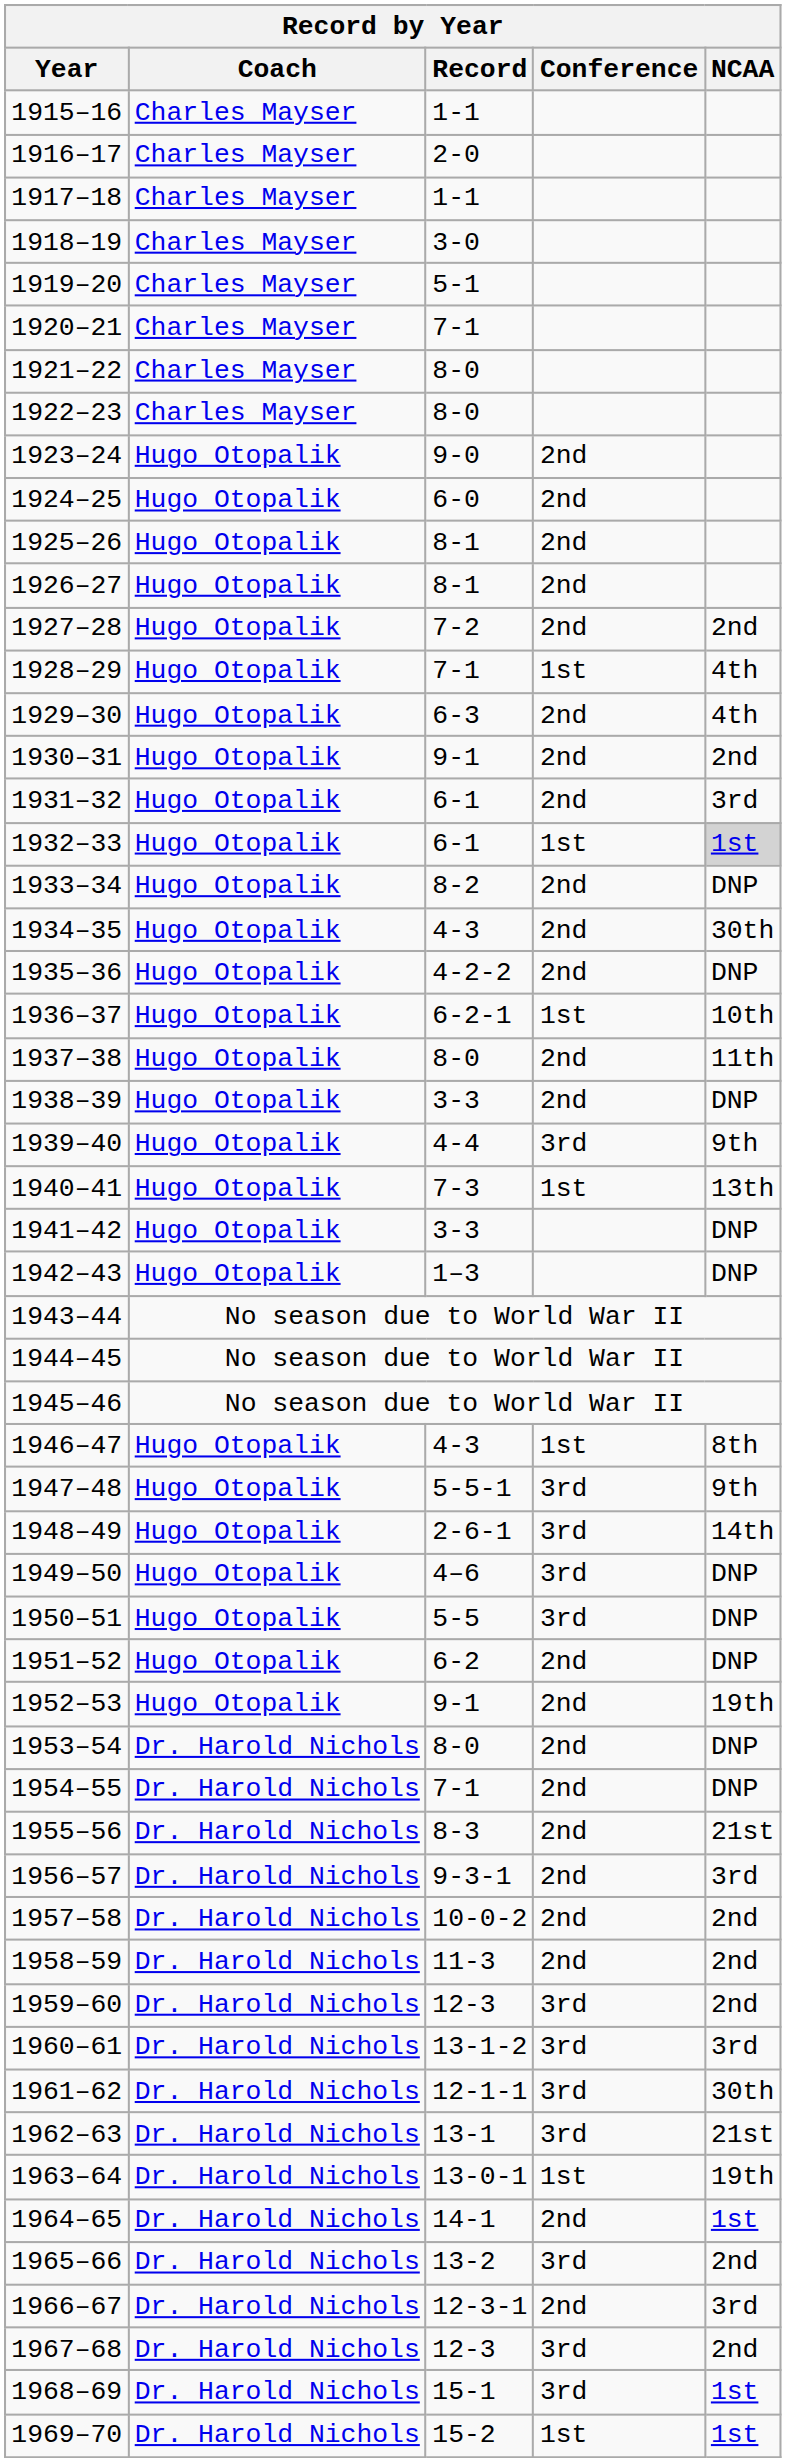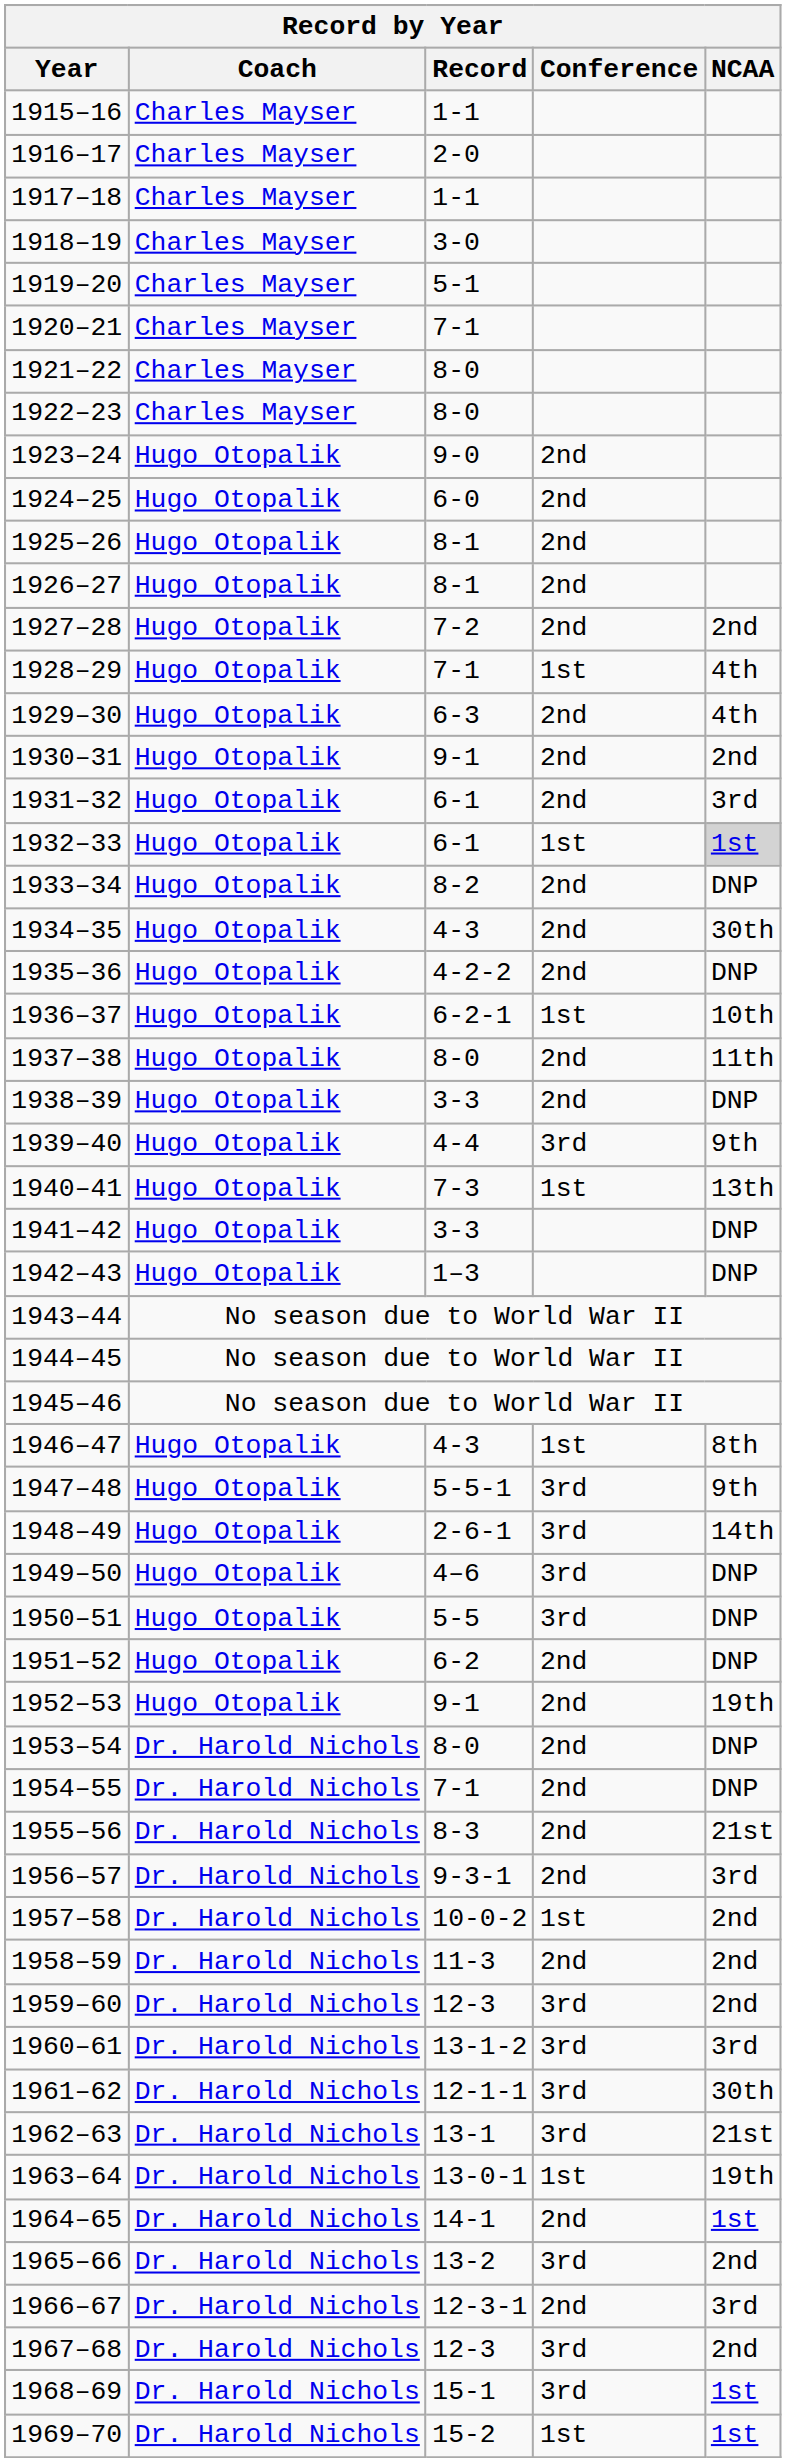 <table class="wikitable">
 <tr>
 <th colspan="5">Record by Year</th>
 </tr>
 <tr>
 <th scope="col">Year</th>
 <th scope="col">Coach</th>
 <th scope="col">Record</th>
 <th scope="col">Conference</th>
 <th scope="col">NCAA</th>
 </tr>
 <tr>
 <td>1915–16</td>
 <td><a href='#'>Charles Mayser</a></td>
 <td>1-1</td>
 <td></td>
 <td></td>
 </tr>
 <tr>
 <td>1916–17</td>
 <td><a href='#'>Charles Mayser</a></td>
 <td>2-0</td>
 <td></td>
 <td></td>
 </tr>
 <tr>
 <td>1917–18</td>
 <td><a href='#'>Charles Mayser</a></td>
 <td>1-1</td>
 <td></td>
 <td></td>
 </tr>
 <tr>
 <td>1918–19</td>
 <td><a href='#'>Charles Mayser</a></td>
 <td>3-0</td>
 <td></td>
 <td></td>
 </tr>
 <tr>
 <td>1919–20</td>
 <td><a href='#'>Charles Mayser</a></td>
 <td>5-1</td>
 <td></td>
 <td></td>
 </tr>
 <tr>
 <td>1920–21</td>
 <td><a href='#'>Charles Mayser</a></td>
 <td>7-1</td>
 <td></td>
 <td></td>
 </tr>
 <tr>
 <td>1921–22</td>
 <td><a href='#'>Charles Mayser</a></td>
 <td>8-0</td>
 <td></td>
 <td></td>
 </tr>
 <tr>
 <td>1922–23</td>
 <td><a href='#'>Charles Mayser</a></td>
 <td>8-0</td>
 <td></td>
 <td></td>
 </tr>
 <tr>
 <td>1923–24</td>
 <td><a href='#'>Hugo Otopalik</a></td>
 <td>9-0</td>
 <td>2nd</td>
 <td></td>
 </tr>
 <tr>
 <td>1924–25</td>
 <td><a href='#'>Hugo Otopalik</a></td>
 <td>6-0</td>
 <td>2nd</td>
 <td></td>
 </tr>
 <tr>
 <td>1925–26</td>
 <td><a href='#'>Hugo Otopalik</a></td>
 <td>8-1</td>
 <td>2nd</td>
 <td></td>
 </tr>
 <tr>
 <td>1926–27</td>
 <td><a href='#'>Hugo Otopalik</a></td>
 <td>8-1</td>
 <td>2nd</td>
 <td></td>
 </tr>
 <tr>
 <td>1927–28</td>
 <td><a href='#'>Hugo Otopalik</a></td>
 <td>7-2</td>
 <td>2nd</td>
 <td>2nd</td>
 </tr>
 <tr>
 <td>1928–29</td>
 <td><a href='#'>Hugo Otopalik</a></td>
 <td>7-1</td>
 <td>1st</td>
 <td>4th</td>
 </tr>
 <tr>
 <td>1929–30</td>
 <td><a href='#'>Hugo Otopalik</a></td>
 <td>6-3</td>
 <td>2nd</td>
 <td>4th</td>
 </tr>
 <tr>
 <td>1930–31</td>
 <td><a href='#'>Hugo Otopalik</a></td>
 <td>9-1</td>
 <td>2nd</td>
 <td>2nd</td>
 </tr>
 <tr>
 <td>1931–32</td>
 <td><a href='#'>Hugo Otopalik</a></td>
 <td>6-1</td>
 <td>2nd</td>
 <td>3rd</td>
 </tr>
 <tr>
 <td>1932–33</td>
 <td><a href='#'>Hugo Otopalik</a></td>
 <td>6-1</td>
 <td>1st</td>
 <td style="background: lightgrey;"><a href='#'>1st</a></td>
 </tr>
 <tr>
 <td>1933–34</td>
 <td><a href='#'>Hugo Otopalik</a></td>
 <td>8-2</td>
 <td>2nd</td>
 <td>DNP</td>
 </tr>
 <tr>
 <td>1934–35</td>
 <td><a href='#'>Hugo Otopalik</a></td>
 <td>4-3</td>
 <td>2nd</td>
 <td>30th</td>
 </tr>
 <tr>
 <td>1935–36</td>
 <td><a href='#'>Hugo Otopalik</a></td>
 <td>4-2-2</td>
 <td>2nd</td>
 <td>DNP</td>
 </tr>
 <tr>
 <td>1936–37</td>
 <td><a href='#'>Hugo Otopalik</a></td>
 <td>6-2-1</td>
 <td>1st</td>
 <td>10th</td>
 </tr>
 <tr>
 <td>1937–38</td>
 <td><a href='#'>Hugo Otopalik</a></td>
 <td>8-0</td>
 <td>2nd</td>
 <td>11th</td>
 </tr>
 <tr>
 <td>1938–39</td>
 <td><a href='#'>Hugo Otopalik</a></td>
 <td>3-3</td>
 <td>2nd</td>
 <td>DNP</td>
 </tr>
 <tr>
 <td>1939–40</td>
 <td><a href='#'>Hugo Otopalik</a></td>
 <td>4-4</td>
 <td>3rd</td>
 <td>9th</td>
 </tr>
 <tr>
 <td>1940–41</td>
 <td><a href='#'>Hugo Otopalik</a></td>
 <td>7-3</td>
 <td>1st</td>
 <td>13th</td>
 </tr>
 <tr>
 <td>1941–42</td>
 <td><a href='#'>Hugo Otopalik</a></td>
 <td>3-3</td>
 <td></td>
 <td>DNP</td>
 </tr>
 <tr>
 <td>1942–43</td>
 <td><a href='#'>Hugo Otopalik</a></td>
 <td>1–3</td>
 <td></td>
 <td>DNP</td>
 </tr>
 <tr>
 <td>1943–44</td>
 <td style="text-align: center;" colspan=4>No season due to World War II</td>
 </tr>
 <tr>
 <td>1944–45</td>
 <td style="text-align: center;" colspan=4>No season due to World War II</td>
 </tr>
 <tr>
 <td>1945–46</td>
 <td style="text-align: center;" colspan=4>No season due to World War II</td>
 </tr>
 <tr>
 <td>1946–47</td>
 <td><a href='#'>Hugo Otopalik</a></td>
 <td>4-3</td>
 <td>1st</td>
 <td>8th</td>
 </tr>
 <tr>
 <td>1947–48</td>
 <td><a href='#'>Hugo Otopalik</a></td>
 <td>5-5-1</td>
 <td>3rd</td>
 <td>9th</td>
 </tr>
 <tr>
 <td>1948–49</td>
 <td><a href='#'>Hugo Otopalik</a></td>
 <td>2-6-1</td>
 <td>3rd</td>
 <td>14th</td>
 </tr>
 <tr>
 <td>1949–50</td>
 <td><a href='#'>Hugo Otopalik</a></td>
 <td>4–6</td>
 <td>3rd</td>
 <td>DNP</td>
 </tr>
 <tr>
 <td>1950–51</td>
 <td><a href='#'>Hugo Otopalik</a></td>
 <td>5-5</td>
 <td>3rd</td>
 <td>DNP</td>
 </tr>
 <tr>
 <td>1951–52</td>
 <td><a href='#'>Hugo Otopalik</a></td>
 <td>6-2</td>
 <td>2nd</td>
 <td>DNP</td>
 </tr>
 <tr>
 <td>1952–53</td>
 <td><a href='#'>Hugo Otopalik</a></td>
 <td>9-1</td>
 <td>2nd</td>
 <td>19th</td>
 </tr>
 <tr>
 <td>1953–54</td>
 <td><a href='#'>Dr. Harold Nichols</a></td>
 <td>8-0</td>
 <td>2nd</td>
 <td>DNP</td>
 </tr>
 <tr>
 <td>1954–55</td>
 <td><a href='#'>Dr. Harold Nichols</a></td>
 <td>7-1</td>
 <td>2nd</td>
 <td>DNP</td>
 </tr>
 <tr>
 <td>1955–56</td>
 <td><a href='#'>Dr. Harold Nichols</a></td>
 <td>8-3</td>
 <td>2nd</td>
 <td>21st</td>
 </tr>
 <tr>
 <td>1956–57</td>
 <td><a href='#'>Dr. Harold Nichols</a></td>
 <td>9-3-1</td>
 <td>2nd</td>
 <td>3rd</td>
 </tr>
 <tr>
 <td>1957–58</td>
 <td><a href='#'>Dr. Harold Nichols</a></td>
 <td>10-0-2</td>
-<td>2nd</td>
+<td>1st</td>
 <td>2nd</td>
 </tr>
 <tr>
 <td>1958–59</td>
 <td><a href='#'>Dr. Harold Nichols</a></td>
 <td>11-3</td>
 <td>2nd</td>
 <td>2nd</td>
 </tr>
 <tr>
 <td>1959–60</td>
 <td><a href='#'>Dr. Harold Nichols</a></td>
 <td>12-3</td>
 <td>3rd</td>
 <td>2nd</td>
 </tr>
 <tr>
 <td>1960–61</td>
 <td><a href='#'>Dr. Harold Nichols</a></td>
 <td>13-1-2</td>
 <td>3rd</td>
 <td>3rd</td>
 </tr>
 <tr>
 <td>1961–62</td>
 <td><a href='#'>Dr. Harold Nichols</a></td>
 <td>12-1-1</td>
 <td>3rd</td>
 <td>30th</td>
 </tr>
 <tr>
 <td>1962–63</td>
 <td><a href='#'>Dr. Harold Nichols</a></td>
 <td>13-1</td>
 <td>3rd</td>
 <td>21st</td>
 </tr>
 <tr>
 <td>1963–64</td>
 <td><a href='#'>Dr. Harold Nichols</a></td>
 <td>13-0-1</td>
 <td>1st</td>
 <td>19th</td>
 </tr>
 <tr>
 <td>1964–65</td>
 <td><a href='#'>Dr. Harold Nichols</a></td>
 <td>14-1</td>
 <td>2nd</td>
 <td><a href='#'>1st</a></td>
 </tr>
 <tr>
 <td>1965–66</td>
 <td><a href='#'>Dr. Harold Nichols</a></td>
 <td>13-2</td>
 <td>3rd</td>
 <td>2nd</td>
 </tr>
 <tr>
 <td>1966–67</td>
 <td><a href='#'>Dr. Harold Nichols</a></td>
 <td>12-3-1</td>
 <td>2nd</td>
 <td>3rd</td>
 </tr>
 <tr>
 <td>1967–68</td>
 <td><a href='#'>Dr. Harold Nichols</a></td>
 <td>12-3</td>
 <td>3rd</td>
 <td>2nd</td>
 </tr>
 <tr>
 <td>1968–69</td>
 <td><a href='#'>Dr. Harold Nichols</a></td>
 <td>15-1</td>
 <td>3rd</td>
 <td><a href='#'>1st</a></td>
 </tr>
 <tr>
 <td>1969–70</td>
 <td><a href='#'>Dr. Harold Nichols</a></td>
 <td>15-2</td>
 <td>1st</td>
 <td><a href='#'>1st</a></td>
 </tr>
 </table>
